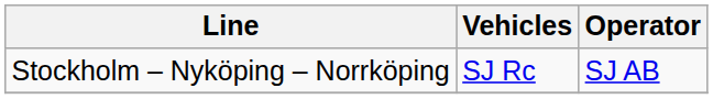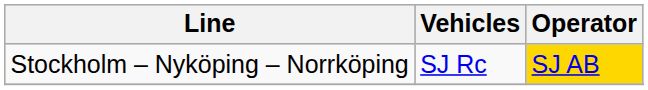 <table class="wikitable">
 <tr>
 <th>Line</th>
 <th>Vehicles</th>
 <th>Operator</th>
 </tr>
 <tr>
 <td>Stockholm – Nyköping – Norrköping</td>
 <td><a href='#'>SJ Rc</a></td>
-<td><a href='#'>SJ AB</a></td>
+<td style="background: gold;"><a href='#'>SJ AB</a></td>
 </tr>
 <tr>
 </tr>
 </table>
